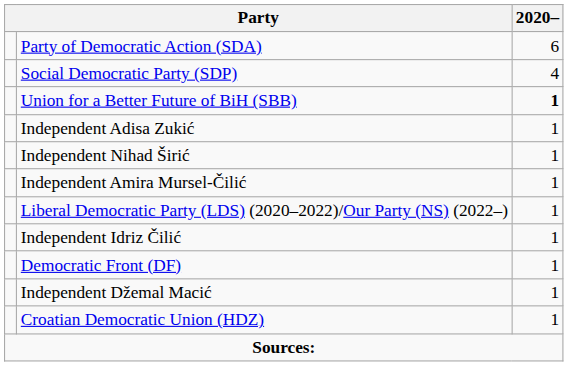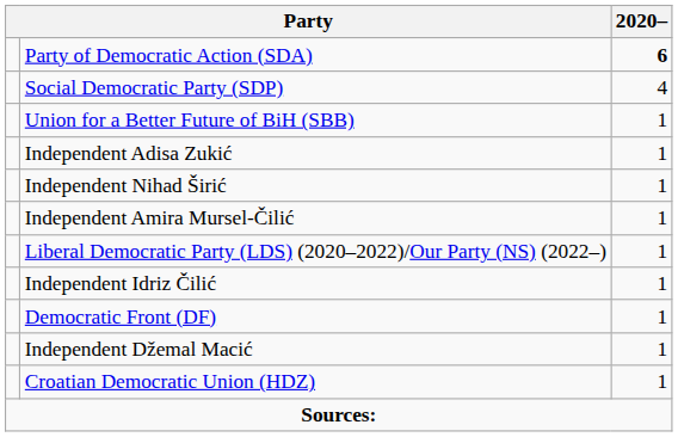 <table class="wikitable">
 <tr>
 <th colspan=2>Party</th>
 <th>2020–</th>
 </tr>
 <tr>
 <td ! style="background-color: "> </td>
 <td><a href='#'>Party of Democratic Action (SDA)</a></td>
-<td style="text-align: right">6</td>
+<td style="text-align: right"><strong>6</strong></td>
 </tr>
 <tr>
 <td ! style="background-color: "> </td>
 <td><a href='#'>Social Democratic Party (SDP)</a></td>
 <td style="text-align: right">4</td>
 </tr>
 <tr>
 <td ! style="background-color: "> </td>
 <td><a href='#'>Union for a Better Future of BiH (SBB)</a></td>
-<td style="text-align: right"><strong>1</strong></td>
+<td style="text-align: right">1</td>
 </tr>
 <tr>
 <td ! style="background-color: "> </td>
 <td>Independent Adisa Zukić</td>
 <td style="text-align: right">1</td>
 </tr>
 <tr>
 <td ! style="background-color: "> </td>
 <td>Independent Nihad Širić</td>
 <td style="text-align: right">1</td>
 </tr>
 <tr>
 <td ! style="background-color: "> </td>
 <td>Independent Amira Mursel-Čilić</td>
 <td style="text-align: right">1</td>
 </tr>
 <tr>
 <td ! style="background-color: "> </td>
 <td><a href='#'>Liberal Democratic Party (LDS)</a> (2020–2022)/<a href='#'>Our Party (NS)</a> (2022–)</td>
 <td style="text-align: right">1</td>
 </tr>
 <tr>
 <td ! style="background-color: "> </td>
 <td>Independent Idriz Čilić</td>
 <td style="text-align: right">1</td>
 </tr>
 <tr>
 <td ! style="background-color: "> </td>
 <td><a href='#'>Democratic Front (DF)</a></td>
 <td style="text-align: right">1</td>
 </tr>
 <tr>
 <td ! style="background-color: "> </td>
 <td>Independent Džemal Macić</td>
 <td style="text-align: right">1</td>
 </tr>
 <tr>
 <td ! style="background-color: "> </td>
 <td><a href='#'>Croatian Democratic Union (HDZ)</a></td>
 <td style="text-align: right">1</td>
 </tr>
 <tr>
 <td colspan="11" style="text-align: center;"><strong>Sources:</strong></td>
 </tr>
 </table>
